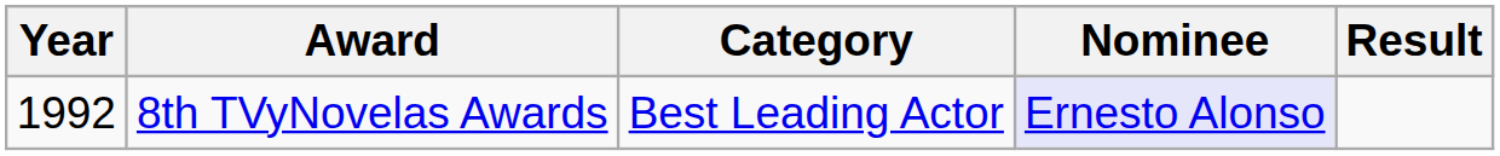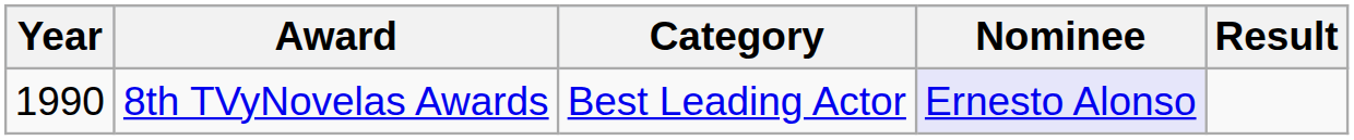 <table class="wikitable">
 <tr style="background:#b0c4de;">
 <th>Year</th>
 <th>Award</th>
 <th>Category</th>
 <th>Nominee</th>
 <th>Result</th>
 </tr>
 <tr>
-<td>1992</td>
+<td>1990</td>
 <td><a href='#'>8th TVyNovelas Awards</a></td>
 <td><a href='#'>Best Leading Actor</a></td>
 <td style="background: lavender;"><a href='#'>Ernesto Alonso</a></td>
 <td></td>
 </tr>
 </table>
